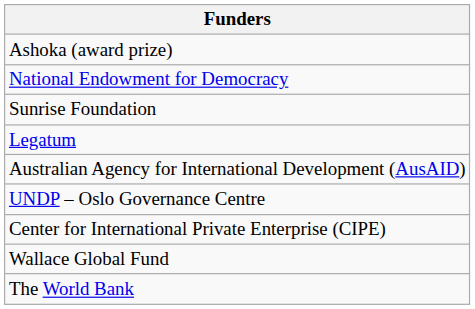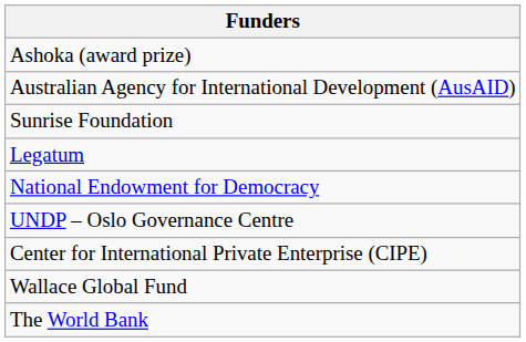 <table class="wikitable">
 <tr>
 <th>Funders</th>
 </tr>
 <tr>
 <td>Ashoka (award prize)</td>
 </tr>
 <tr>
-<td><a href='#'>National Endowment for Democracy</a></td>
+<td>Australian Agency for International Development (<a href='#'>AusAID</a>)</td>
 </tr>
 <tr>
 <td>Sunrise Foundation</td>
 </tr>
 <tr>
 <td><a href='#'>Legatum</a></td>
 </tr>
 <tr>
-<td>Australian Agency for International Development (<a href='#'>AusAID</a>)</td>
+<td><a href='#'>National Endowment for Democracy</a></td>
 </tr>
 <tr>
 <td><a href='#'>UNDP</a> – Oslo Governance Centre</td>
 </tr>
 <tr>
 <td>Center for International Private Enterprise (CIPE)</td>
 </tr>
 <tr>
 <td>Wallace Global Fund</td>
 </tr>
 <tr>
 <td>The <a href='#'>World Bank</a></td>
 </tr>
 </table>
